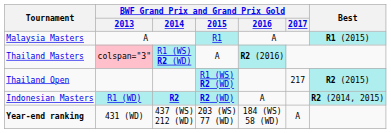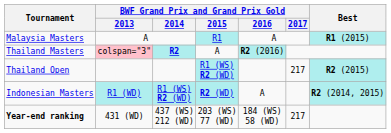 <table class="wikitable" style="font-size: 90%; text-align:center">
 <tr>
 <th rowspan="2">Tournament</th>
 <th colspan="5"><strong><a href='#'>BWF Grand Prix and Grand Prix Gold</a></strong></th>
 <th rowspan="2">Best</th>
 </tr>
 <tr>
 <th><a href='#'>2013</a></th>
 <th><a href='#'>2014</a></th>
 <th><a href='#'>2015</a></th>
 <th><a href='#'>2016</a></th>
 <th><a href='#'>2017</a></th>
 </tr>
 <tr>
 <td align=left><a href='#'>Malaysia Masters</a></td>
 <td colspan="2">A</td>
 <td bgcolor=AFEEEE><a href='#'>R1</a></td>
 <td colspan="2">A</td>
 <td bgcolor=AFEEEE><strong>R1</strong> (2015)</td>
 </tr>
 <tr>
 <td align=left><a href='#'>Thailand Masters</a></td>
 <td style="background: pink;">colspan="3" </td>
-<td bgcolor=AFEEEE><a href='#'>R1 (WS)</a><br><a href='#'><strong>R2</strong> (WD)</a></td>
+<td bgcolor=AFEEEE><a href='#'><strong>R2</strong></a></td>
 <td>A</td>
 <td bgcolor=AFEEEE><strong>R2</strong> (2016)</td>
 </tr>
 <tr>
 <td align=left><a href='#'>Thailand Open</a></td>
 <td></td>
 <td></td>
 <td bgcolor=AFEEEE><a href='#'>R1 (WS)</a><br><a href='#'><strong>R2</strong> (WD)</a></td>
 <td></td>
 <td>217</td>
 <td bgcolor=AFEEEE><strong>R2</strong> (2015)</td>
 </tr>
 <tr>
 <td align=left><a href='#'>Indonesian Masters</a></td>
 <td bgcolor=AFEEEE><a href='#'>R1 (WD)</a></td>
-<td bgcolor=AFEEEE><a href='#'><strong>R2</strong></a></td>
+<td bgcolor=AFEEEE><a href='#'>R1 (WS)</a><br><a href='#'><strong>R2</strong> (WD)</a></td>
 <td bgcolor=AFEEEE><a href='#'><strong>R2</strong> (WD)</a></td>
 <td>A</td>
 <td></td>
 <td bgcolor=AFEEEE><strong>R2</strong> (2014, 2015)</td>
 </tr>
 <tr>
 <td align=left><strong>Year-end ranking</strong></td>
 <td>431 (WD)</td>
 <td>437 (WS)<br>212 (WD)</td>
 <td>203 (WS)<br>77 (WD)</td>
 <td>184 (WS)<br>58 (WD)</td>
-<td>A</td>
+<td>217</td>
 <td></td>
 </tr>
 </table>
